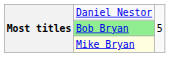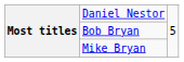 <table class=wikitable>
 <tr>
 <th rowspan = 3 style="text-align:left;">Most titles</th>
 <td> <a href='#'>Daniel Nestor</a></td>
 <td rowspan = 3 style="text-align:center;">5</td>
 </tr>
 <tr>
-<td style="background: lightgreen;"> <a href='#'>Bob Bryan</a></td>
+<td> <a href='#'>Bob Bryan</a></td>
 </tr>
 <tr>
-<td style="background: lightyellow;"> <a href='#'>Mike Bryan</a></td>
+<td> <a href='#'>Mike Bryan</a></td>
 </tr>
 </table>
